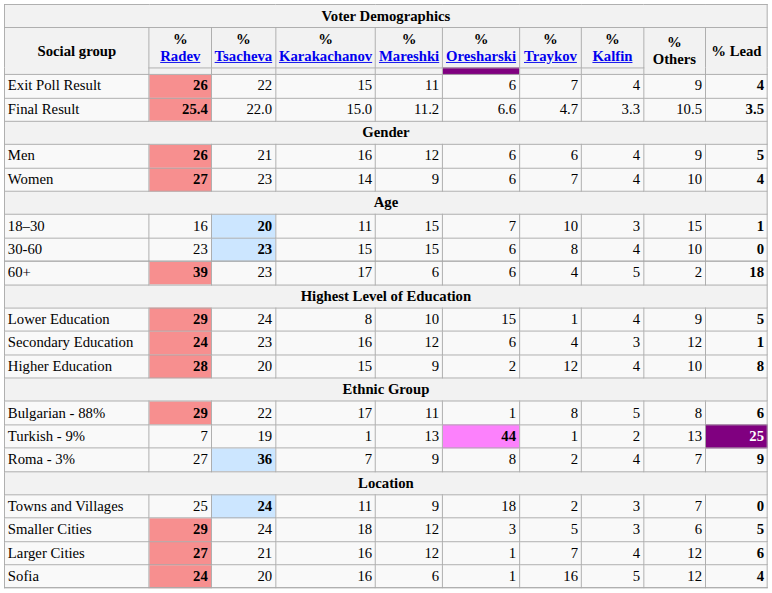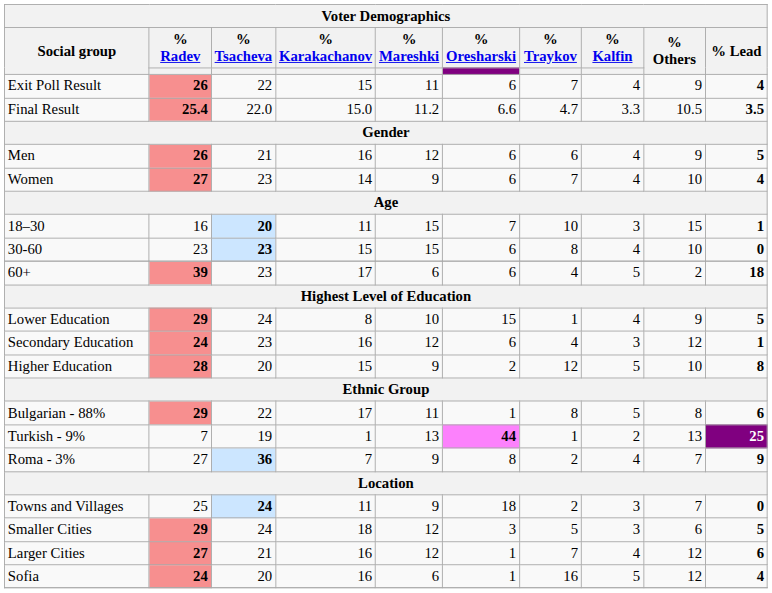 <table class=wikitable>
 <tr>
 <th colspan="10">Voter Demographics</th>
 </tr>
 <tr>
 <th style="width:150px;" rowspan="2">Social group</th>
 <th style="width:60px;" class="unsortable">% <a href='#'>Radev</a></th>
 <th style="width:60px;" class="unsortable">% <a href='#'>Tsacheva</a></th>
 <th style="width:60px;" class="unsortable">% <a href='#'>Karakachanov</a></th>
 <th style="width:60px;" class="unsortable">% <a href='#'>Mareshki</a></th>
 <th style="width:60px;" class="unsortable">% <a href='#'>Oresharski</a></th>
 <th style="width:60px;" class="unsortable">% <a href='#'>Traykov</a></th>
 <th style="width:60px;" class="unsortable">% <a href='#'>Kalfin</a></th>
 <th style="width:60px;" rowspan="2" class="unsortable">% Others</th>
 <th style="width:60px;" rowspan="2" class="unsortable">% Lead</th>
 </tr>
 <tr>
 <th class="unsortable" style="color:inherit;background:"></th>
 <th class="unsortable" style="color:inherit;background:"></th>
 <th class="unsortable" style="color:inherit;background:"></th>
 <th class="unsortable" style="color:inherit;background:"></th>
 <th class="unsortable" style="color:inherit;background:#800080;  width:60px;"></th>
 <th class="unsortable" style="color:inherit;background:"></th>
 <th class="unsortable" style="color:inherit;background:"></th>
 </tr>
 <tr>
 <td>Exit Poll Result</td>
 <td style="text-align:right; background:#F78F8F;"><strong>26</strong></td>
 <td style="text-align:right;">22</td>
 <td style="text-align:right;">15</td>
 <td style="text-align:right;">11</td>
 <td style="text-align:right;">6</td>
 <td style="text-align:right;">7</td>
 <td style="text-align:right;">4</td>
 <td style="text-align:right;">9</td>
 <td style="text-align:right; background:"><strong>4</strong></td>
 </tr>
 <tr>
 <td>Final Result</td>
 <td style="text-align:right; background:#F78F8F;"><strong>25.4</strong></td>
 <td style="text-align:right;">22.0</td>
 <td style="text-align:right;">15.0</td>
 <td style="text-align:right;">11.2</td>
 <td style="text-align:right;">6.6</td>
 <td style="text-align:right;">4.7</td>
 <td style="text-align:right;">3.3</td>
 <td style="text-align:right;">10.5</td>
 <td style="text-align:right; background:"><strong>3.5</strong></td>
 </tr>
 <tr>
 <th colspan=10>Gender</th>
 </tr>
 <tr>
 <td>Men</td>
 <td style="text-align:right; background:#F78F8F;"><strong>26</strong></td>
 <td style="text-align:right;">21</td>
 <td style="text-align:right;">16</td>
 <td style="text-align:right;">12</td>
 <td style="text-align:right;">6</td>
 <td style="text-align:right;">6</td>
 <td style="text-align:right;">4</td>
 <td style="text-align:right;">9</td>
 <td style="text-align:right; background:"><strong>5</strong></td>
 </tr>
 <tr>
 <td>Women</td>
 <td style="text-align:right; background:#F78F8F;"><strong>27</strong></td>
 <td style="text-align:right;">23</td>
 <td style="text-align:right;">14</td>
 <td style="text-align:right;">9</td>
 <td style="text-align:right;">6</td>
 <td style="text-align:right;">7</td>
 <td style="text-align:right;">4</td>
 <td style="text-align:right;">10</td>
 <td style="text-align:right; background:"><strong>4</strong></td>
 </tr>
 <tr>
 <th colspan=10>Age</th>
 </tr>
 <tr>
 <td>18–30</td>
 <td style="text-align:right;">16</td>
 <td style="text-align:right; background:#CCE6FF;"><strong>20</strong></td>
 <td style="text-align:right;">11</td>
 <td style="text-align:right;">15</td>
 <td style="text-align:right;">7</td>
 <td style="text-align:right;">10</td>
 <td style="text-align:right;">3</td>
 <td style="text-align:right;">15</td>
 <td style="text-align:right; background:"><strong>1</strong></td>
 </tr>
 <tr>
 <td>30-60</td>
 <td style="text-align:right;">23</td>
 <td style="text-align:right; background:#CCE6FF;"><strong>23</strong></td>
 <td style="text-align:right;">15</td>
 <td style="text-align:right;">15</td>
 <td style="text-align:right;">6</td>
 <td style="text-align:right;">8</td>
 <td style="text-align:right;">4</td>
 <td style="text-align:right;">10</td>
 <td style="text-align:right; background:"><strong>0</strong></td>
 </tr>
 <tr>
 </tr>
 <tr>
 <td>60+</td>
 <td style="text-align:right; background:#F78F8F;"><strong>39</strong></td>
 <td style="text-align:right;">23</td>
 <td style="text-align:right;">17</td>
 <td style="text-align:right;">6</td>
 <td style="text-align:right;">6</td>
 <td style="text-align:right;">4</td>
 <td style="text-align:right;">5</td>
 <td style="text-align:right;">2</td>
 <td style="text-align:right; background:"><strong>18</strong></td>
 </tr>
 <tr>
 <th colspan=10>Highest Level of Education</th>
 </tr>
 <tr>
 <td>Lower Education</td>
 <td style="text-align:right; background:#F78F8F;"><strong>29</strong></td>
 <td style="text-align:right;">24</td>
 <td style="text-align:right;">8</td>
 <td style="text-align:right;">10</td>
 <td style="text-align:right;">15</td>
 <td style="text-align:right;">1</td>
 <td style="text-align:right;">4</td>
 <td style="text-align:right;">9</td>
 <td style="text-align:right; background:"><strong>5</strong></td>
 </tr>
 <tr>
 <td>Secondary Education</td>
 <td style="text-align:right; background:#F78F8F;"><strong>24</strong></td>
 <td style="text-align:right;">23</td>
 <td style="text-align:right;">16</td>
 <td style="text-align:right;">12</td>
 <td style="text-align:right;">6</td>
 <td style="text-align:right;">4</td>
 <td style="text-align:right;">3</td>
 <td style="text-align:right;">12</td>
 <td style="text-align:right; background:"><strong>1</strong></td>
 </tr>
 <tr>
 <td>Higher Education</td>
 <td style="text-align:right; background:#F78F8F;"><strong>28</strong></td>
 <td style="text-align:right;">20</td>
 <td style="text-align:right;">15</td>
 <td style="text-align:right;">9</td>
 <td style="text-align:right;">2</td>
 <td style="text-align:right;">12</td>
-<td style="text-align:right;">4</td>
+<td style="text-align:right;">5</td>
 <td style="text-align:right;">10</td>
 <td style="text-align:right; background:"><strong>8</strong></td>
 </tr>
 <tr>
 <th colspan=10>Ethnic Group</th>
 </tr>
 <tr>
 <td>Bulgarian - 88%</td>
 <td style="text-align:right; background:#F78F8F;"><strong>29</strong></td>
 <td style="text-align:right;">22</td>
 <td style="text-align:right;">17</td>
 <td style="text-align:right;">11</td>
 <td style="text-align:right;">1</td>
 <td style="text-align:right;">8</td>
 <td style="text-align:right;">5</td>
 <td style="text-align:right;">8</td>
 <td style="text-align:right; background:"><strong>6</strong></td>
 </tr>
 <tr>
 <td>Turkish - 9%</td>
 <td style="text-align:right;">7</td>
 <td style="text-align:right;">19</td>
 <td style="text-align:right;">1</td>
 <td style="text-align:right;">13</td>
 <td style="text-align:right; background:#FC81FC"><strong>44</strong></td>
 <td style="text-align:right;">1</td>
 <td style="text-align:right;">2</td>
 <td style="text-align:right;">13</td>
 <td style="text-align:right; background:#800080; color:white;"><strong>25</strong></td>
 </tr>
 <tr>
 <td>Roma - 3%</td>
 <td style="text-align:right;">27</td>
 <td style="text-align:right; background:#CCE6FF;"><strong>36</strong></td>
 <td style="text-align:right;">7</td>
 <td style="text-align:right;">9</td>
 <td style="text-align:right;">8</td>
 <td style="text-align:right;">2</td>
 <td style="text-align:right;">4</td>
 <td style="text-align:right;">7</td>
 <td style="text-align:right; background:"><strong>9</strong></td>
 </tr>
 <tr>
 <th colspan=10>Location</th>
 </tr>
 <tr>
 <td>Towns and Villages</td>
 <td style="text-align:right;">25</td>
 <td style="text-align:right; background:#CCE6FF;"><strong>24</strong></td>
 <td style="text-align:right;">11</td>
 <td style="text-align:right;">9</td>
 <td style="text-align:right;">18</td>
 <td style="text-align:right;">2</td>
 <td style="text-align:right;">3</td>
 <td style="text-align:right;">7</td>
 <td style="text-align:right; background:"><strong>0</strong></td>
 </tr>
 <tr>
 <td>Smaller Cities</td>
 <td style="text-align:right; background:#F78F8F;"><strong>29</strong></td>
 <td style="text-align:right;">24</td>
 <td style="text-align:right;">18</td>
 <td style="text-align:right;">12</td>
 <td style="text-align:right;">3</td>
 <td style="text-align:right;">5</td>
 <td style="text-align:right;">3</td>
 <td style="text-align:right;">6</td>
 <td style="text-align:right; background:"><strong>5</strong></td>
 </tr>
 <tr>
 <td>Larger Cities</td>
 <td style="text-align:right; background:#F78F8F;"><strong>27</strong></td>
 <td style="text-align:right;">21</td>
 <td style="text-align:right;">16</td>
 <td style="text-align:right;">12</td>
 <td style="text-align:right;">1</td>
 <td style="text-align:right;">7</td>
 <td style="text-align:right;">4</td>
 <td style="text-align:right;">12</td>
 <td style="text-align:right; background:"><strong>6</strong></td>
 </tr>
 <tr>
 <td>Sofia</td>
 <td style="text-align:right; background:#F78F8F;"><strong>24</strong></td>
 <td style="text-align:right;">20</td>
 <td style="text-align:right;">16</td>
 <td style="text-align:right;">6</td>
 <td style="text-align:right;">1</td>
 <td style="text-align:right;">16</td>
 <td style="text-align:right;">5</td>
 <td style="text-align:right;">12</td>
 <td style="text-align:right; background:"><strong>4</strong></td>
 </tr>
 <tr>
 </tr>
 </table>
